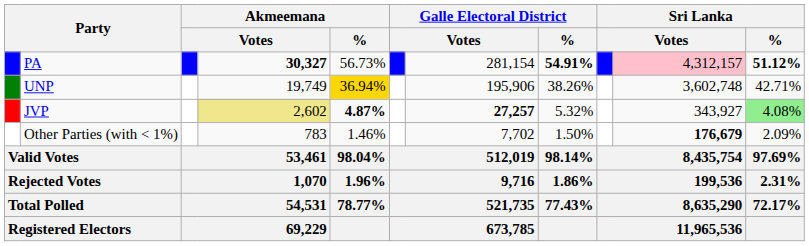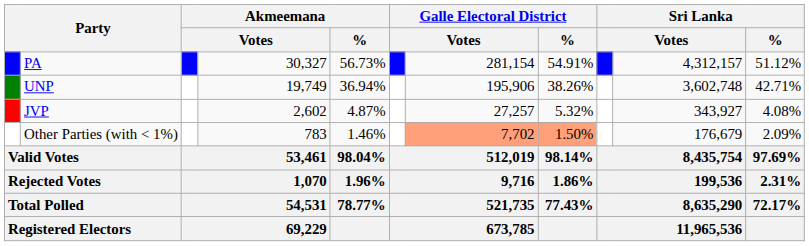 <table class="wikitable">
 <tr>
 <th colspan="2" width="144px"rowspan="2">Party</th>
 <th colspan="3" width="216px">Akmeemana</th>
 <th colspan="3" width="216px"><a href='#'>Galle Electoral District</a></th>
 <th colspan="3" width="216px">Sri Lanka</th>
 </tr>
 <tr>
 <th colspan="2" width="144px">Votes</th>
 <th>%</th>
 <th colspan="2" width="144px">Votes</th>
 <th>%</th>
 <th colspan="2" width="144px">Votes</th>
 <th>%</th>
 </tr>
 <tr>
 <td style="background-color:blue;" width="10px"></td>
 <td style="text-align:left;"><a href='#'>PA</a></td>
 <td style="background-color:blue;" width="10px"></td>
-<td style="text-align:right;"><strong>30,327</strong></td>
+<td style="text-align:right;">30,327</td>
 <td style="text-align:right;">56.73%</td>
 <td style="background-color:blue;" width="10px"></td>
 <td style="text-align:right;">281,154</td>
-<td style="text-align:right;"><strong>54.91%</strong></td>
+<td style="text-align:right;">54.91%</td>
 <td style="background-color:blue;" width="10px"></td>
-<td style="background: pink; text-align:right;">4,312,157</td>
-<td style="text-align:right;"><strong>51.12%</strong></td>
+<td style="text-align:right;">4,312,157</td>
+<td style="text-align:right;">51.12%</td>
 </tr>
 <tr>
 <td style="background-color:green;" width="10px"></td>
 <td style="text-align:left;"><a href='#'>UNP</a></td>
 <td style="background-color:white;" width="10px"></td>
 <td style="text-align:right;">19,749</td>
-<td style="background: gold; text-align:right;">36.94%</td>
+<td style="text-align:right;">36.94%</td>
 <td style="background-color:white;" width="10px"></td>
 <td style="text-align:right;">195,906</td>
 <td style="text-align:right;">38.26%</td>
 <td style="background-color:white;" width="10px"></td>
 <td style="text-align:right;">3,602,748</td>
 <td style="text-align:right;">42.71%</td>
 </tr>
 <tr>
 <td style="background-color:red;" width="10px"></td>
 <td style="text-align:left;"><a href='#'>JVP</a></td>
 <td style="background-color:white;" width="10px"></td>
-<td style="background: khaki; text-align:right;">2,602</td>
-<td style="text-align:right;"><strong>4.87%</strong></td>
+<td style="text-align:right;">2,602</td>
+<td style="text-align:right;">4.87%</td>
 <td style="background-color:white;" width="10px"></td>
-<td style="text-align:right;"><strong>27,257</strong></td>
+<td style="text-align:right;">27,257</td>
 <td style="text-align:right;">5.32%</td>
 <td style="background-color:white;" width="10px"></td>
 <td style="text-align:right;">343,927</td>
-<td style="background: lightgreen; text-align:right;">4.08%</td>
+<td style="text-align:right;">4.08%</td>
 </tr>
 <tr>
 <td style="background-color:white;" width="10px"></td>
 <td style="text-align:left;">Other Parties (with < 1%)</td>
 <td style="background-color:white;" width="10px"></td>
 <td style="text-align:right;">783</td>
 <td style="text-align:right;">1.46%</td>
 <td style="background-color:white;" width="10px"></td>
-<td style="text-align:right;">7,702</td>
-<td style="text-align:right;">1.50%</td>
+<td style="background: lightsalmon; text-align:right;">7,702</td>
+<td style="background: lightsalmon; text-align:right;">1.50%</td>
 <td style="background-color:white;" width="10px"></td>
-<td style="text-align:right;"><strong>176,679</strong></td>
+<td style="text-align:right;">176,679</td>
 <td style="text-align:right;">2.09%</td>
 </tr>
 <tr>
 <th colspan="2" width="144px"style="text-align:left;">Valid Votes</th>
 <th style="text-align:right;"colspan="2" width="144px">53,461</th>
 <th style="text-align:right;">98.04%</th>
 <th style="text-align:right;"colspan="2" width="144px">512,019</th>
 <th style="text-align:right;">98.14%</th>
 <th style="text-align:right;"colspan="2" width="144px">8,435,754</th>
 <th style="text-align:right;">97.69%</th>
 </tr>
 <tr>
 <th colspan="2" width="144px"style="text-align:left;">Rejected Votes</th>
 <th style="text-align:right;"colspan="2" width="144px">1,070</th>
 <th style="text-align:right;">1.96%</th>
 <th style="text-align:right;"colspan="2" width="144px">9,716</th>
 <th style="text-align:right;">1.86%</th>
 <th style="text-align:right;"colspan="2" width="144px">199,536</th>
 <th style="text-align:right;">2.31%</th>
 </tr>
 <tr>
 <th colspan="2" width="144px"style="text-align:left;">Total Polled</th>
 <th style="text-align:right;"colspan="2" width="144px">54,531</th>
 <th style="text-align:right;">78.77%</th>
 <th style="text-align:right;"colspan="2" width="144px">521,735</th>
 <th style="text-align:right;">77.43%</th>
 <th style="text-align:right;"colspan="2" width="144px">8,635,290</th>
 <th style="text-align:right;">72.17%</th>
 </tr>
 <tr>
 <th colspan="2" width="144px"style="text-align:left;">Registered Electors</th>
 <th style="text-align:right;"colspan="2" width="144px">69,229</th>
 <th></th>
 <th style="text-align:right;"colspan="2" width="144px">673,785</th>
 <th></th>
 <th style="text-align:right;"colspan="2" width="144px">11,965,536</th>
 <th></th>
 </tr>
 </table>
